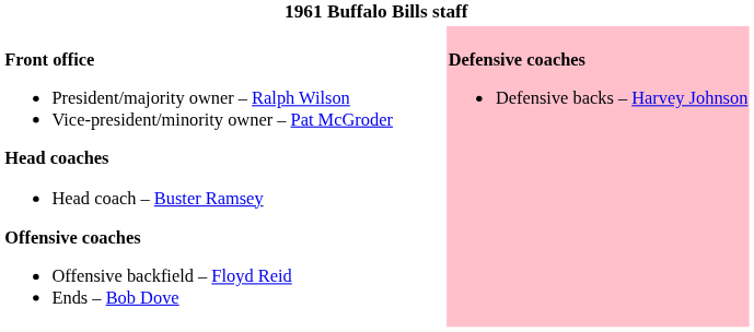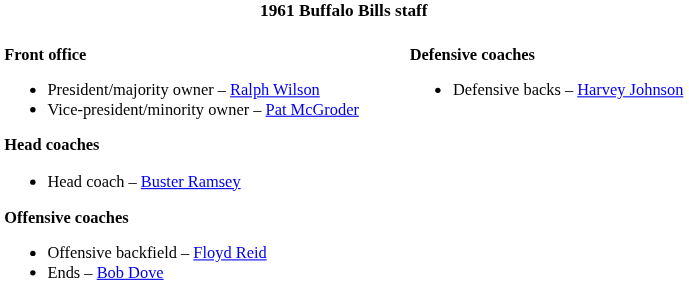 <table class="toccolours" style="text-align: left;">
 <tr>
 <th colspan="7" style="text-align:center; ">1961 Buffalo Bills staff</th>
 </tr>
 <tr>
 <td style="font-size: 95%;" valign="top"><br><strong>Front office</strong><ul><li>President/majority owner – <a href='#'>Ralph Wilson</a></li><li>Vice-president/minority owner – <a href='#'>Pat McGroder</a></li></ul><strong>Head coaches</strong><ul><li>Head coach – <a href='#'>Buster Ramsey</a></li></ul><strong>Offensive coaches</strong><ul><li>Offensive backfield – <a href='#'>Floyd Reid</a></li><li>Ends – <a href='#'>Bob Dove</a></li></ul></td>
 <td width="35"> </td>
 <td valign="top"></td>
-<td style="background: pink; font-size: 95%;" valign="top"><br><strong>Defensive coaches</strong><ul><li>Defensive backs – <a href='#'>Harvey Johnson</a></li></ul></td>
+<td style="font-size: 95%;" valign="top"><br><strong>Defensive coaches</strong><ul><li>Defensive backs – <a href='#'>Harvey Johnson</a></li></ul></td>
 </tr>
 </table>
